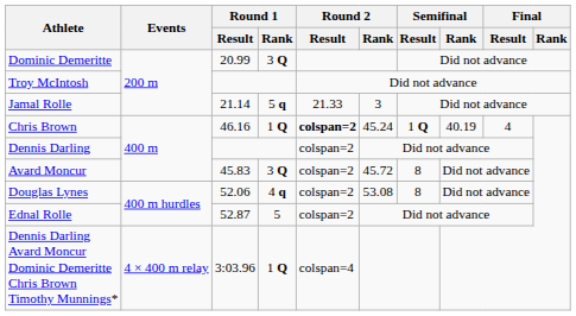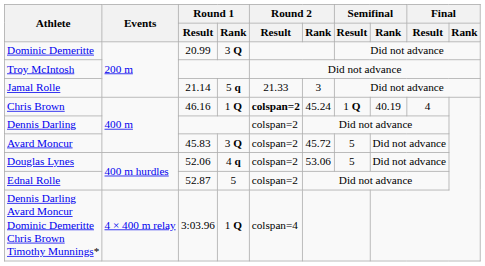 <table class=wikitable style="font-size:90%">
 <tr>
 <th rowspan="2">Athlete</th>
 <th rowspan="2">Events</th>
 <th colspan="2">Round 1</th>
 <th colspan="2">Round 2</th>
 <th colspan="2">Semifinal</th>
 <th colspan="2">Final</th>
 </tr>
 <tr>
 <th>Result</th>
 <th>Rank</th>
 <th>Result</th>
 <th>Rank</th>
 <th>Result</th>
 <th>Rank</th>
 <th>Result</th>
 <th>Rank</th>
 </tr>
 <tr>
 <td><a href='#'>Dominic Demeritte</a></td>
 <td rowspan=3><a href='#'>200 m</a></td>
 <td align="center">20.99</td>
 <td align="center">3 <strong>Q</strong></td>
 <td colspan="2" align="center"></td>
 <td colspan="4" align="center">Did not advance</td>
 </tr>
 <tr>
 <td><a href='#'>Troy McIntosh</a></td>
 <td colspan="2" align="center"></td>
 <td colspan="6" align="center">Did not advance</td>
 </tr>
 <tr>
 <td><a href='#'>Jamal Rolle</a></td>
 <td align="center">21.14</td>
 <td align="center">5 <strong>q</strong></td>
 <td align="center">21.33</td>
 <td align="center">3</td>
 <td colspan="4" align="center">Did not advance</td>
 </tr>
 <tr>
 <td><a href='#'>Chris Brown</a></td>
 <td rowspan=3><a href='#'>400 m</a></td>
 <td align="center">46.16</td>
 <td align="center">1 <strong>Q</strong></td>
 <td><strong>colspan=2 </strong></td>
 <td align="center">45.24</td>
 <td align="center">1 <strong>Q</strong></td>
 <td align="center">40.19</td>
 <td align="center">4</td>
 </tr>
 <tr>
 <td><a href='#'>Dennis Darling</a></td>
 <td colspan="2" align="center"></td>
 <td>colspan=2 </td>
 <td colspan="4" align="center">Did not advance</td>
 </tr>
 <tr>
 <td><a href='#'>Avard Moncur</a></td>
 <td align="center">45.83</td>
 <td align="center">3 <strong>Q</strong></td>
 <td>colspan=2 </td>
 <td align="center">45.72</td>
-<td align="center">8</td>
+<td align="center">5</td>
 <td colspan="2" align="center">Did not advance</td>
 </tr>
 <tr>
 <td><a href='#'>Douglas Lynes</a></td>
 <td rowspan=2><a href='#'>400 m hurdles</a></td>
 <td align="center">52.06</td>
 <td align="center">4 <strong>q</strong></td>
 <td>colspan=2 </td>
-<td align="center">53.08</td>
-<td align="center">8</td>
+<td align="center">53.06</td>
+<td align="center">5</td>
 <td colspan="2" align="center">Did not advance</td>
 </tr>
 <tr>
 <td><a href='#'>Ednal Rolle</a></td>
 <td align="center">52.87</td>
 <td align="center">5</td>
 <td>colspan=2 </td>
 <td colspan="4" align="center">Did not advance</td>
 </tr>
 <tr>
 <td><a href='#'>Dennis Darling</a><br><a href='#'>Avard Moncur</a><br><a href='#'>Dominic Demeritte</a><br><a href='#'>Chris Brown</a><br><a href='#'>Timothy Munnings</a>*</td>
 <td><a href='#'>4 × 400 m relay</a></td>
 <td align="center">3:03.96</td>
 <td align="center">1 <strong>Q</strong></td>
 <td>colspan=4 </td>
 <td colspan="2" align="center"></td>
 </tr>
 </table>
